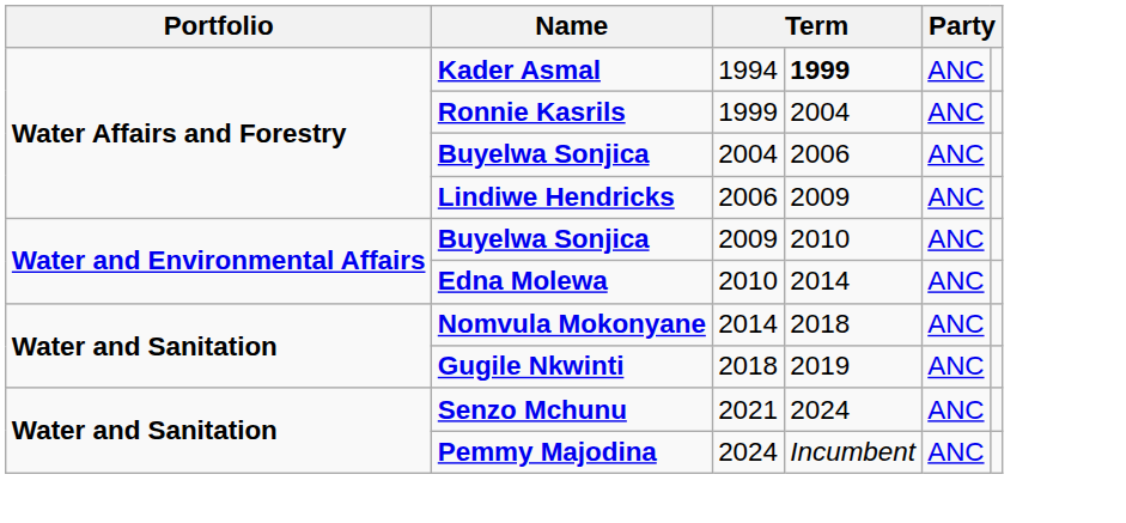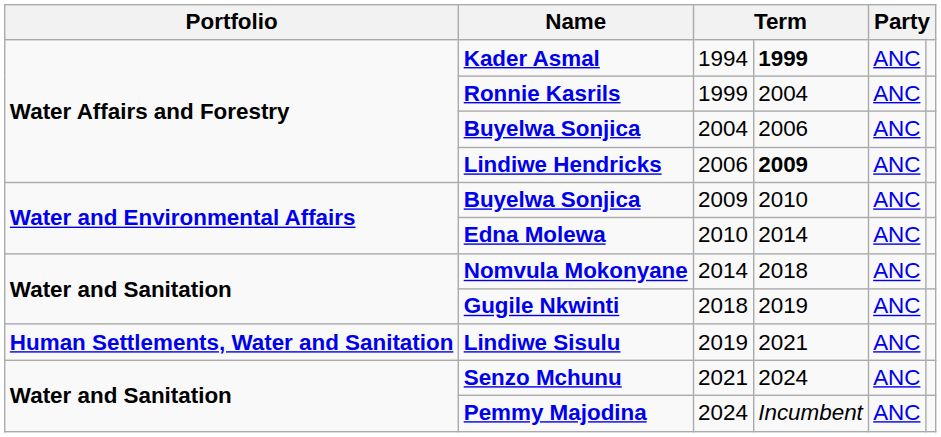 <table class="wikitable">
 <tr>
 <th>Portfolio</th>
 <th>Name</th>
 <th colspan="2">Term</th>
 <th colspan="2">Party</th>
 </tr>
 <tr>
 <td rowspan="4"><strong>Water Affairs and Forestry</strong></td>
 <td><strong><a href='#'>Kader Asmal</a></strong></td>
 <td>1994</td>
 <td><strong>1999</strong></td>
 <td><a href='#'>ANC</a></td>
 <td style="background-color: "></td>
 </tr>
 <tr>
 <td><strong><a href='#'>Ronnie Kasrils</a></strong></td>
 <td>1999</td>
 <td>2004</td>
 <td><a href='#'>ANC</a></td>
 <td style="background-color: "></td>
 </tr>
 <tr>
 <td><strong><a href='#'>Buyelwa Sonjica</a></strong></td>
 <td>2004</td>
 <td>2006</td>
 <td><a href='#'>ANC</a></td>
 <td style="background-color: "></td>
 </tr>
 <tr>
 <td><strong><a href='#'>Lindiwe Hendricks</a></strong></td>
 <td>2006</td>
-<td>2009</td>
+<td><strong>2009</strong></td>
 <td><a href='#'>ANC</a></td>
 <td style="background-color: "></td>
 </tr>
 <tr>
 <td rowspan="2"><a href='#'><strong>Water and Environmental Affairs</strong></a></td>
 <td><strong><a href='#'>Buyelwa Sonjica</a></strong></td>
 <td>2009</td>
 <td>2010</td>
 <td><a href='#'>ANC</a></td>
 <td style="background-color: "></td>
 </tr>
 <tr>
 <td><strong><a href='#'>Edna Molewa</a></strong></td>
 <td>2010</td>
 <td>2014</td>
 <td><a href='#'>ANC</a></td>
 <td style="background-color: "></td>
 </tr>
 <tr>
 <td rowspan="2"><strong>Water and Sanitation</strong></td>
 <td><strong><a href='#'>Nomvula Mokonyane</a></strong></td>
 <td>2014</td>
 <td>2018</td>
 <td><a href='#'>ANC</a></td>
 <td style="background-color: "></td>
 </tr>
 <tr>
 <td><strong><a href='#'>Gugile Nkwinti</a></strong></td>
 <td>2018</td>
 <td>2019</td>
 <td><a href='#'>ANC</a></td>
 <td style="background-color: "></td>
 </tr>
 <tr>
+<td><a href='#'><strong>Human Settlements, Water and Sanitation</strong></a></td>
+<td><strong><a href='#'>Lindiwe Sisulu</a></strong></td>
+<td>2019</td>
+<td>2021</td>
+<td><a href='#'>ANC</a></td>
+<td style="background-color: "></td>
+</tr>
+<tr>
 <td rowspan="2"><strong>Water and Sanitation</strong></td>
 <td><strong><a href='#'>Senzo Mchunu</a></strong></td>
 <td>2021</td>
 <td>2024</td>
 <td><a href='#'>ANC</a></td>
 <td style="background-color: "></td>
 </tr>
 <tr>
 <td><strong><a href='#'>Pemmy Majodina</a></strong></td>
 <td>2024</td>
 <td><em>Incumbent</em></td>
 <td><a href='#'>ANC</a></td>
 <td style="background-color: "></td>
 </tr>
 </table>
